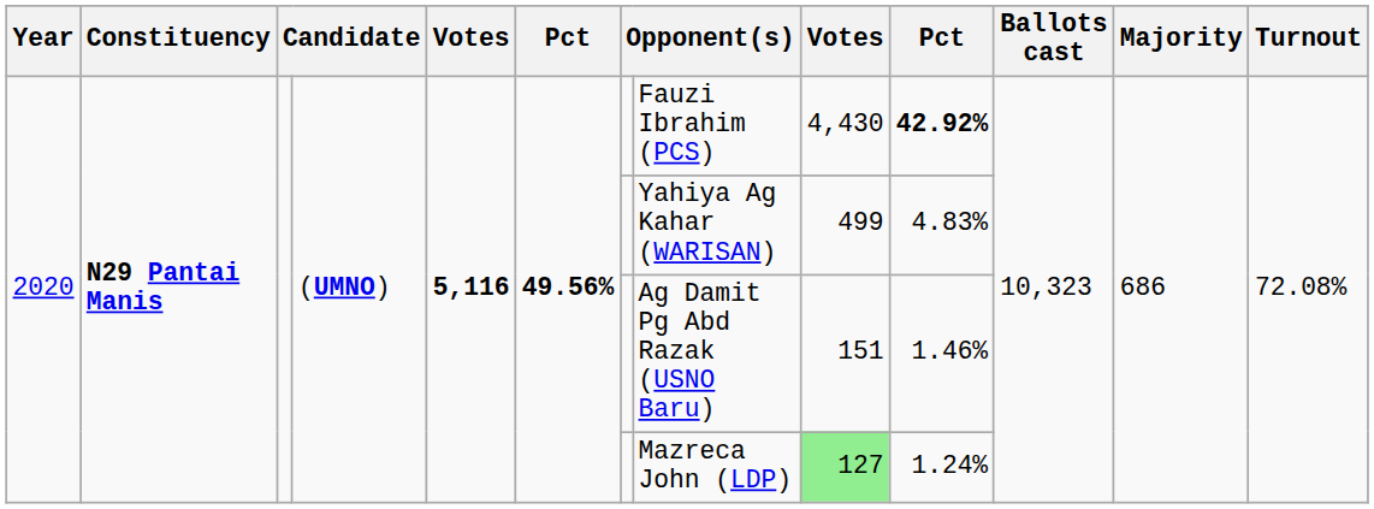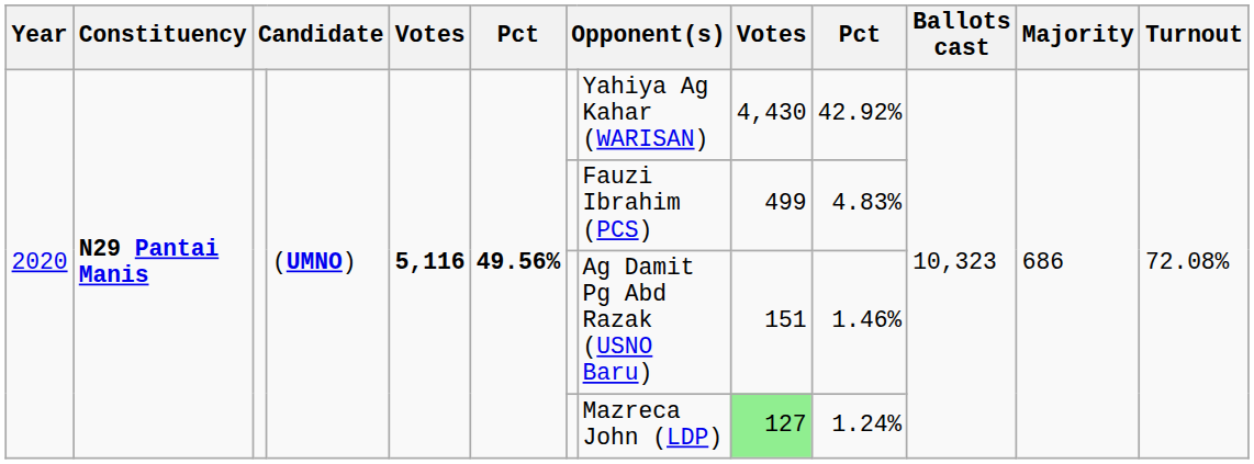 <table class="wikitable" style="margin:0.5em ; font-size:95%">
 <tr>
 <th>Year</th>
 <th>Constituency</th>
 <th colspan=2>Candidate</th>
 <th>Votes</th>
 <th>Pct</th>
 <th colspan=2>Opponent(s)</th>
 <th>Votes</th>
 <th>Pct</th>
 <th>Ballots cast</th>
 <th>Majority</th>
 <th>Turnout</th>
 </tr>
 <tr>
 <td rowspan=4><a href='#'>2020</a></td>
 <td rowspan=4><strong>N29 <a href='#'>Pantai Manis</a></strong></td>
 <td rowspan=4 ></td>
 <td rowspan=4> (<a href='#'><strong>UMNO</strong></a>)</td>
 <td rowspan=4 align="right"><strong>5,116</strong></td>
 <td rowspan=4><strong>49.56%</strong></td>
 <td></td>
-<td>Fauzi Ibrahim (<a href='#'>PCS</a>)</td>
+<td>Yahiya Ag Kahar (<a href='#'>WARISAN</a>)</td>
 <td align="right">4,430</td>
-<td><strong>42.92%</strong></td>
+<td>42.92%</td>
 <td rowspan=4>10,323</td>
 <td rowspan=4>686</td>
 <td rowspan=4>72.08%</td>
 </tr>
 <tr>
 <td></td>
-<td>Yahiya Ag Kahar (<a href='#'>WARISAN</a>)</td>
+<td>Fauzi Ibrahim (<a href='#'>PCS</a>)</td>
 <td align="right">499</td>
 <td align=right>4.83%</td>
 </tr>
 <tr>
 <td bgcolor=></td>
 <td>Ag Damit Pg Abd Razak (<a href='#'>USNO Baru</a>)</td>
 <td align="right">151</td>
 <td align=right>1.46%</td>
 </tr>
 <tr>
 <td></td>
 <td>Mazreca John (<a href='#'>LDP</a>)</td>
 <td align="right" style="background: lightgreen;">127</td>
 <td align=right>1.24%</td>
 </tr>
 </table>
